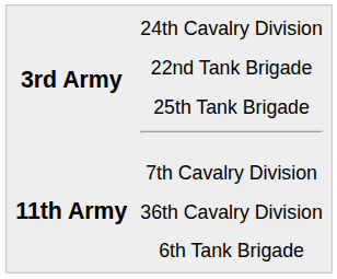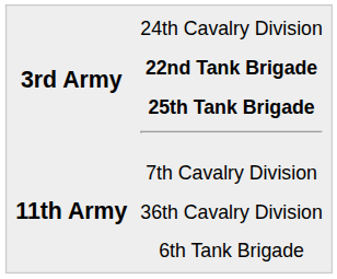 <table align="right" border="0" cellspacing="3" cellpadding="3" style="background:#eee; text-align:center; border:1px solid #ccc;">
 <tr>
 <th rowspan=3>3rd Army</th>
 <td><small>24th Cavalry Division</small></td>
 </tr>
 <tr>
-<td><small>22nd Tank Brigade</small></td>
+<td><strong><small>22nd Tank Brigade</small></strong></td>
 </tr>
 <tr>
-<td><small>25th Tank Brigade</small><hr></td>
+<td><strong><small>25th Tank Brigade</small><hr></strong></td>
 </tr>
 <tr>
 <th rowspan=3>11th Army</th>
 <td><small>7th Cavalry Division</small></td>
 </tr>
 <tr>
 <td><small>36th Cavalry Division</small></td>
 </tr>
 <tr>
 <td><small>6th Tank Brigade</small></td>
 </tr>
 </table>
